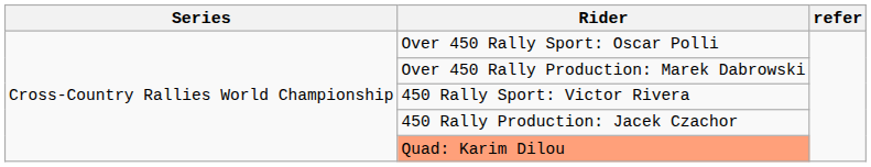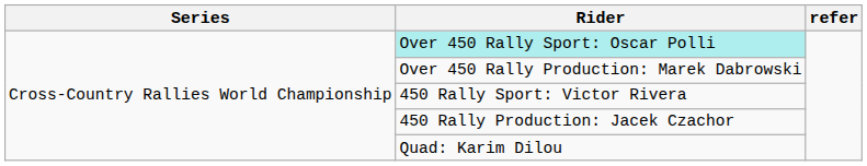 <table class="wikitable">
 <tr style="font-size:10pt;font-weight:bold">
 <th>Series</th>
 <th>Rider</th>
 <th>refer</th>
 </tr>
 <tr>
 <td rowspan=5>Cross-Country Rallies World Championship</td>
-<td>Over 450 Rally Sport:  Oscar Polli</td>
+<td style="background: paleturquoise;">Over 450 Rally Sport:  Oscar Polli</td>
 <td rowspan=5></td>
 </tr>
 <tr>
 <td>Over 450 Rally Production:  Marek Dabrowski</td>
 </tr>
 <tr>
 <td>450 Rally Sport:  Victor Rivera</td>
 </tr>
 <tr>
 <td>450 Rally Production:  Jacek Czachor</td>
 </tr>
 <tr>
-<td style="background: lightsalmon;">Quad:  Karim Dilou</td>
+<td>Quad:  Karim Dilou</td>
 </tr>
 </table>
